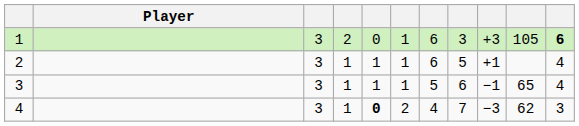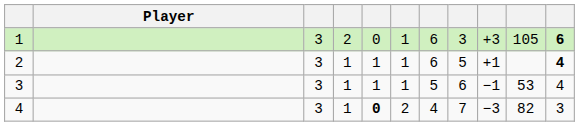 <table class="wikitable" style="text-align:center; margin: 1em auto 1em auto, align:left">
 <tr>
 <th width=20></th>
 <th width=240>Player</th>
 <th width=20></th>
 <th width=20></th>
 <th width=20></th>
 <th width=20></th>
 <th width=20></th>
 <th width=20></th>
 <th width=20></th>
 <th width=30></th>
 <th width=20></th>
 </tr>
 <tr style="background:#D0F0C0;">
 <td>1</td>
 <td align=left></td>
 <td>3</td>
 <td>2</td>
 <td>0</td>
 <td>1</td>
 <td>6</td>
 <td>3</td>
 <td>+3</td>
 <td>105</td>
 <td><strong>6</strong></td>
 </tr>
 <tr style=>
 <td>2</td>
 <td align=left></td>
 <td>3</td>
 <td>1</td>
 <td>1</td>
 <td>1</td>
 <td>6</td>
 <td>5</td>
 <td>+1</td>
 <td></td>
-<td>4</td>
+<td><strong>4</strong></td>
 </tr>
 <tr style=>
 <td>3</td>
 <td align=left></td>
 <td>3</td>
 <td>1</td>
 <td>1</td>
 <td>1</td>
 <td>5</td>
 <td>6</td>
 <td>−1</td>
-<td>65</td>
+<td>53</td>
 <td>4</td>
 </tr>
 <tr style=>
 <td>4</td>
 <td align=left></td>
 <td>3</td>
 <td>1</td>
 <td><strong>0</strong></td>
 <td>2</td>
 <td>4</td>
 <td>7</td>
 <td>−3</td>
-<td>62</td>
+<td>82</td>
 <td>3</td>
 </tr>
 </table>
